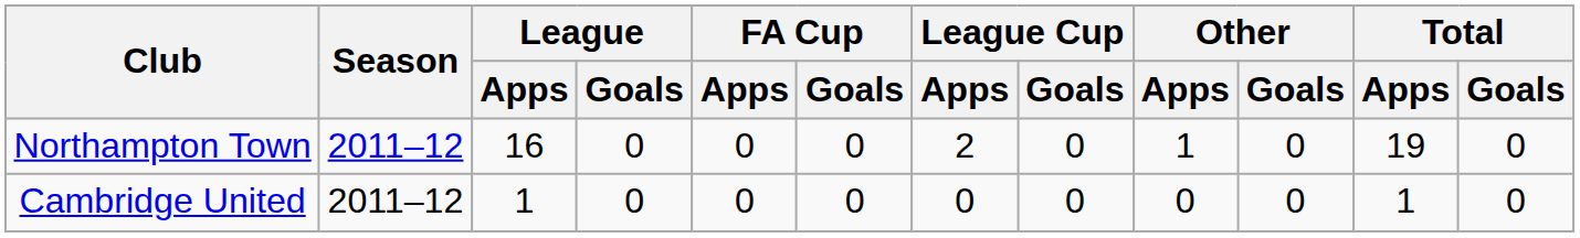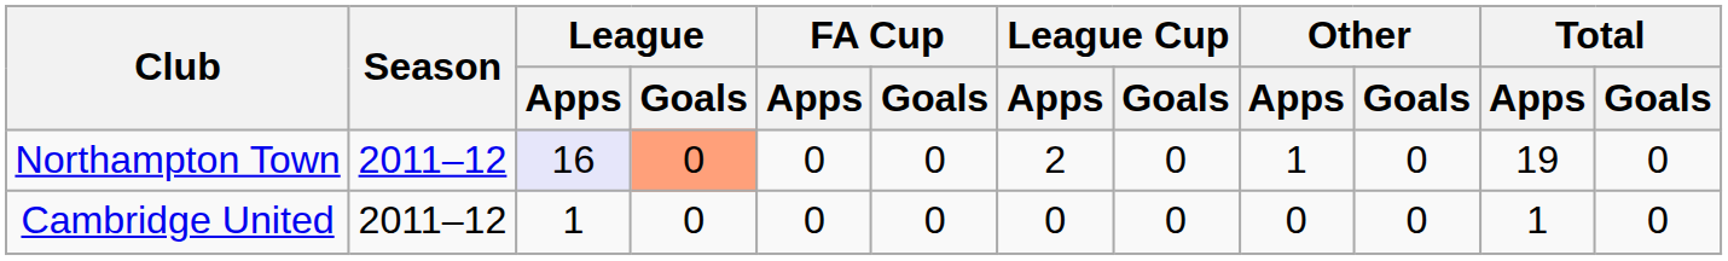 <table class="wikitable" style="text-align:center">
 <tr>
 <th rowspan="2">Club</th>
 <th rowspan="2">Season</th>
 <th colspan="2" width="85">League</th>
 <th colspan="2" width="85">FA Cup</th>
 <th colspan="2" width="85">League Cup</th>
 <th colspan="2" width="85">Other</th>
 <th colspan="2" width="85">Total</th>
 </tr>
 <tr>
 <th>Apps</th>
 <th>Goals</th>
 <th>Apps</th>
 <th>Goals</th>
 <th>Apps</th>
 <th>Goals</th>
 <th>Apps</th>
 <th>Goals</th>
 <th>Apps</th>
 <th>Goals</th>
 </tr>
 <tr>
 <td rowspan="1"><a href='#'>Northampton Town</a></td>
 <td><a href='#'>2011–12</a></td>
-<td>16</td>
-<td>0</td>
+<td style="background: lavender;">16</td>
+<td style="background: lightsalmon;">0</td>
 <td>0</td>
 <td>0</td>
 <td>2</td>
 <td>0</td>
 <td>1</td>
 <td>0</td>
 <td>19</td>
 <td>0</td>
 </tr>
 <tr>
 <td rowspan="2"><a href='#'>Cambridge United</a></td>
 <td>2011–12</td>
 <td>1</td>
 <td>0</td>
 <td>0</td>
 <td>0</td>
 <td>0</td>
 <td>0</td>
 <td>0</td>
 <td>0</td>
 <td>1</td>
 <td>0</td>
 </tr>
 </table>
